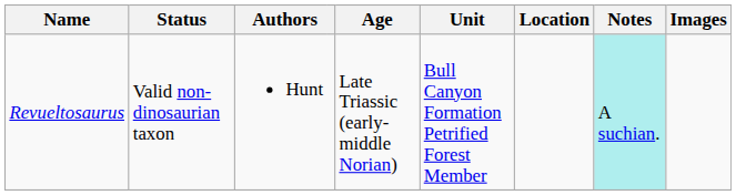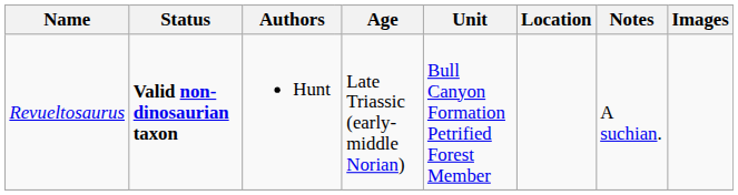 <table class="wikitable sortable" align="center" width="100%">
 <tr>
 <th>Name</th>
 <th>Status</th>
 <th colspan="2">Authors</th>
 <th>Age</th>
 <th>Unit</th>
 <th>Location</th>
 <th class="unsortable">Notes</th>
 <th class="unsortable">Images</th>
 </tr>
 <tr>
 <td><em><a href='#'>Revueltosaurus</a></em></td>
-<td>Valid <a href='#'>non-dinosaurian</a> taxon</td>
+<td><strong>Valid <a href='#'>non-dinosaurian</a> taxon</strong></td>
 <td style="border-right:0px" valign="top"><br><ul><li>Hunt</li></ul></td>
 <td style="border-left:0px" valign="top"></td>
 <td><br>Late Triassic (early-middle <a href='#'>Norian</a>)</td>
 <td><br><a href='#'>Bull Canyon Formation</a> <br> <a href='#'>Petrified Forest Member</a></td>
 <td><br></td>
-<td style="background: paleturquoise;"><br>A <a href='#'>suchian</a>.</td>
+<td><br>A <a href='#'>suchian</a>.</td>
 <td></td>
 </tr>
 <tr>
 </tr>
 </table>
